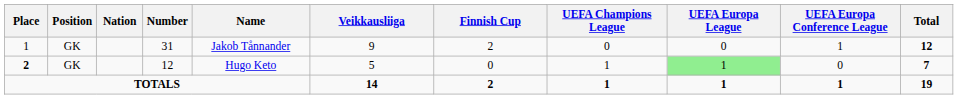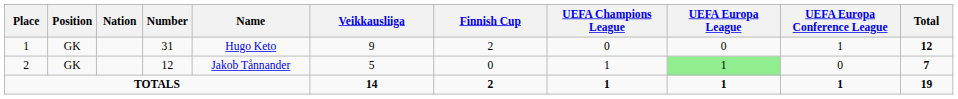 <table class="wikitable" style="font-size: 95%; text-align: center;">
 <tr>
 <th width=60>Place</th>
 <th width=60>Position</th>
 <th width=60>Nation</th>
 <th width=60>Number</th>
 <th width=200>Name</th>
 <th width=200><a href='#'>Veikkausliiga</a></th>
 <th width=200><a href='#'>Finnish Cup</a></th>
 <th width=200><a href='#'>UEFA Champions League</a></th>
 <th width=200><a href='#'>UEFA Europa League</a></th>
 <th width=200><a href='#'>UEFA Europa Conference League</a></th>
 <th width=80><strong>Total</strong></th>
 </tr>
 <tr>
 <td>1</td>
 <td>GK</td>
 <td></td>
 <td>31</td>
-<td><a href='#'>Jakob Tånnander</a></td>
+<td><a href='#'>Hugo Keto</a></td>
 <td>9</td>
 <td>2</td>
 <td>0</td>
 <td>0</td>
 <td>1</td>
 <td><strong>12</strong></td>
 </tr>
 <tr>
-<td><strong>2</strong></td>
+<td>2</td>
 <td>GK</td>
 <td></td>
 <td>12</td>
-<td><a href='#'>Hugo Keto</a></td>
+<td><a href='#'>Jakob Tånnander</a></td>
 <td>5</td>
 <td>0</td>
 <td>1</td>
 <td style="background: lightgreen;">1</td>
 <td>0</td>
 <td><strong>7</strong></td>
 </tr>
 <tr>
 <td colspan="5"><strong>TOTALS</strong></td>
 <td><strong>14</strong></td>
 <td><strong>2</strong></td>
 <td><strong>1</strong></td>
 <td><strong>1</strong></td>
 <td><strong>1</strong></td>
 <td><strong>19</strong></td>
 </tr>
 </table>
